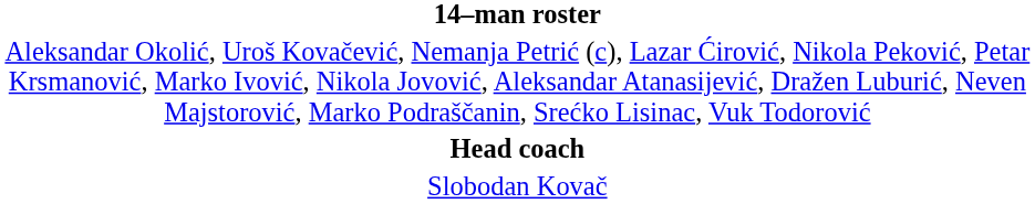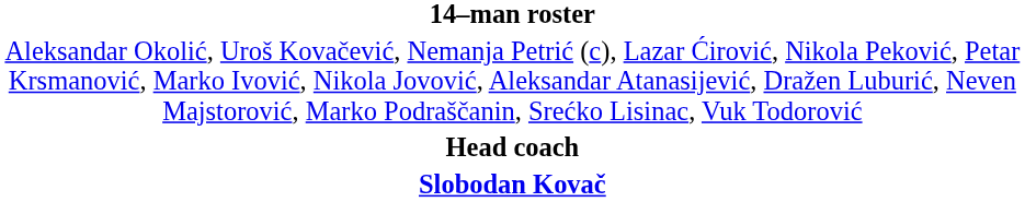 <table style="text-align:center; margin-top:2em; margin-left:auto; margin-right:auto">
 <tr>
 <td><strong>14–man roster</strong></td>
 </tr>
 <tr>
 <td><a href='#'>Aleksandar Okolić</a>, <a href='#'>Uroš Kovačević</a>, <a href='#'>Nemanja Petrić</a> (<a href='#'>c</a>), <a href='#'>Lazar Ćirović</a>, <a href='#'>Nikola Peković</a>, <a href='#'>Petar Krsmanović</a>, <a href='#'>Marko Ivović</a>, <a href='#'>Nikola Jovović</a>, <a href='#'>Aleksandar Atanasijević</a>, <a href='#'>Dražen Luburić</a>, <a href='#'>Neven Majstorović</a>, <a href='#'>Marko Podraščanin</a>, <a href='#'>Srećko Lisinac</a>, <a href='#'>Vuk Todorović</a></td>
 </tr>
 <tr>
 <td><strong>Head coach</strong></td>
 </tr>
 <tr>
-<td><a href='#'>Slobodan Kovač</a></td>
+<td><strong><a href='#'>Slobodan Kovač</a></strong></td>
 </tr>
 </table>
